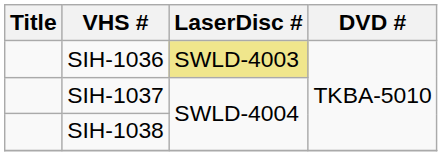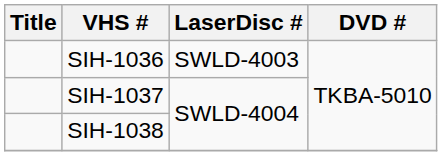 <table class="wikitable" style="text-align:left">
 <tr>
 <th>Title</th>
 <th>VHS #</th>
 <th>LaserDisc #</th>
 <th>DVD #</th>
 </tr>
 <tr>
 <td></td>
 <td>SIH-1036</td>
-<td style="background: khaki;">SWLD-4003</td>
+<td>SWLD-4003</td>
 <td rowspan=3>TKBA-5010</td>
 </tr>
 <tr>
 <td></td>
 <td>SIH-1037</td>
 <td rowspan=2>SWLD-4004</td>
 </tr>
 <tr>
 <td></td>
 <td>SIH-1038</td>
 </tr>
 <tr>
 </tr>
 </table>
